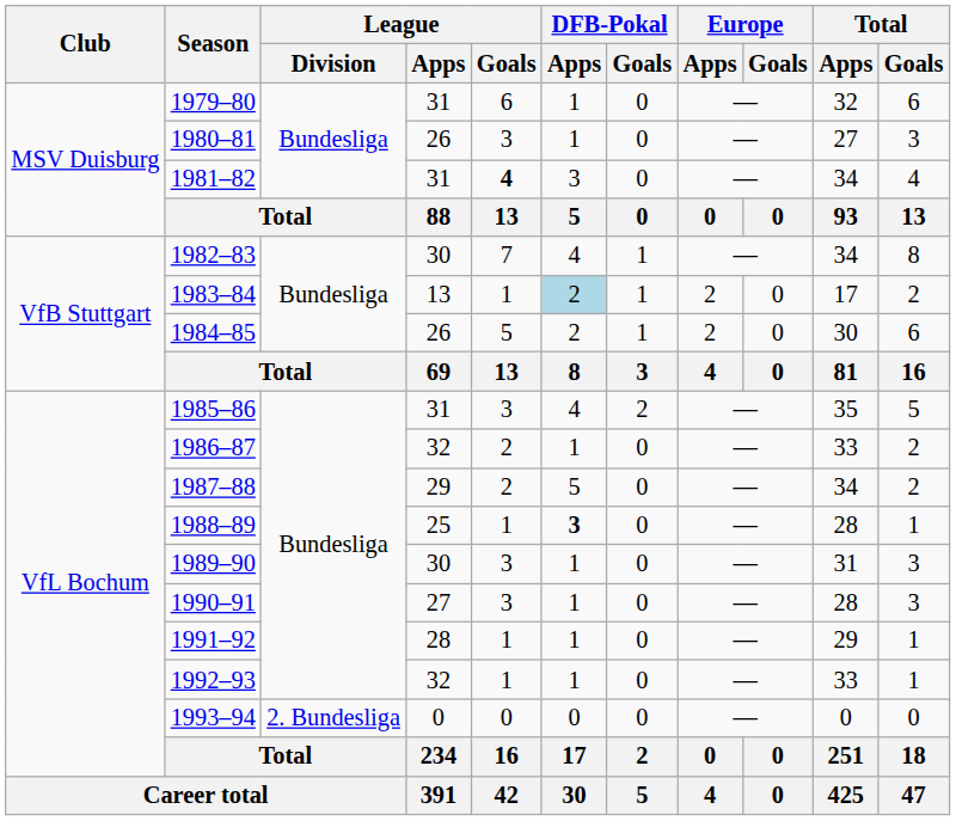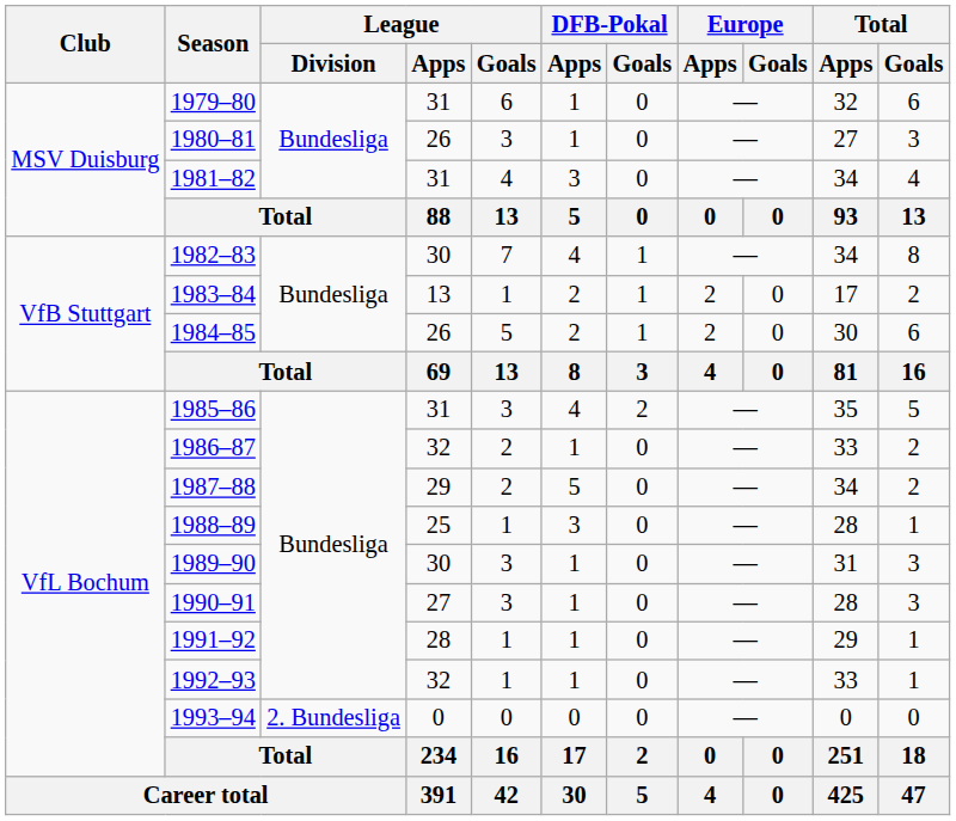 <table class="wikitable" style="text-align:center">
 <tr>
 <th rowspan="2">Club</th>
 <th rowspan="2">Season</th>
 <th colspan="3">League</th>
 <th colspan="2"><a href='#'>DFB-Pokal</a></th>
 <th colspan="2"><a href='#'>Europe</a></th>
 <th colspan="2">Total</th>
 </tr>
 <tr>
 <th>Division</th>
 <th>Apps</th>
 <th>Goals</th>
 <th>Apps</th>
 <th>Goals</th>
 <th>Apps</th>
 <th>Goals</th>
 <th>Apps</th>
 <th>Goals</th>
 </tr>
 <tr>
 <td rowspan="4"><a href='#'>MSV Duisburg</a></td>
 <td><a href='#'>1979–80</a></td>
 <td rowspan="3"><a href='#'>Bundesliga</a></td>
 <td>31</td>
 <td>6</td>
 <td>1</td>
 <td>0</td>
 <td colspan="2">—</td>
 <td>32</td>
 <td>6</td>
 </tr>
 <tr>
 <td><a href='#'>1980–81</a></td>
 <td>26</td>
 <td>3</td>
 <td>1</td>
 <td>0</td>
 <td colspan="2">—</td>
 <td>27</td>
 <td>3</td>
 </tr>
 <tr>
 <td><a href='#'>1981–82</a></td>
 <td>31</td>
-<td><strong>4</strong></td>
+<td>4</td>
 <td>3</td>
 <td>0</td>
 <td colspan="2">—</td>
 <td>34</td>
 <td>4</td>
 </tr>
 <tr>
 <th colspan="2">Total</th>
 <th>88</th>
 <th>13</th>
 <th>5</th>
 <th>0</th>
 <th>0</th>
 <th>0</th>
 <th>93</th>
 <th>13</th>
 </tr>
 <tr>
 <td rowspan="4"><a href='#'>VfB Stuttgart</a></td>
 <td><a href='#'>1982–83</a></td>
 <td rowspan="3">Bundesliga</td>
 <td>30</td>
 <td>7</td>
 <td>4</td>
 <td>1</td>
 <td colspan="2">—</td>
 <td>34</td>
 <td>8</td>
 </tr>
 <tr>
 <td><a href='#'>1983–84</a></td>
 <td>13</td>
 <td>1</td>
-<td style="background: lightblue;">2</td>
+<td>2</td>
 <td>1</td>
 <td>2</td>
 <td>0</td>
 <td>17</td>
 <td>2</td>
 </tr>
 <tr>
 <td><a href='#'>1984–85</a></td>
 <td>26</td>
 <td>5</td>
 <td>2</td>
 <td>1</td>
 <td>2</td>
 <td>0</td>
 <td>30</td>
 <td>6</td>
 </tr>
 <tr>
 <th colspan="2">Total</th>
 <th>69</th>
 <th>13</th>
 <th>8</th>
 <th>3</th>
 <th>4</th>
 <th>0</th>
 <th>81</th>
 <th>16</th>
 </tr>
 <tr>
 <td rowspan="10"><a href='#'>VfL Bochum</a></td>
 <td><a href='#'>1985–86</a></td>
 <td rowspan="8">Bundesliga</td>
 <td>31</td>
 <td>3</td>
 <td>4</td>
 <td>2</td>
 <td colspan="2">—</td>
 <td>35</td>
 <td>5</td>
 </tr>
 <tr>
 <td><a href='#'>1986–87</a></td>
 <td>32</td>
 <td>2</td>
 <td>1</td>
 <td>0</td>
 <td colspan="2">—</td>
 <td>33</td>
 <td>2</td>
 </tr>
 <tr>
 <td><a href='#'>1987–88</a></td>
 <td>29</td>
 <td>2</td>
 <td>5</td>
 <td>0</td>
 <td colspan="2">—</td>
 <td>34</td>
 <td>2</td>
 </tr>
 <tr>
 <td><a href='#'>1988–89</a></td>
 <td>25</td>
 <td>1</td>
-<td><strong>3</strong></td>
+<td>3</td>
 <td>0</td>
 <td colspan="2">—</td>
 <td>28</td>
 <td>1</td>
 </tr>
 <tr>
 <td><a href='#'>1989–90</a></td>
 <td>30</td>
 <td>3</td>
 <td>1</td>
 <td>0</td>
 <td colspan="2">—</td>
 <td>31</td>
 <td>3</td>
 </tr>
 <tr>
 <td><a href='#'>1990–91</a></td>
 <td>27</td>
 <td>3</td>
 <td>1</td>
 <td>0</td>
 <td colspan="2">—</td>
 <td>28</td>
 <td>3</td>
 </tr>
 <tr>
 <td><a href='#'>1991–92</a></td>
 <td>28</td>
 <td>1</td>
 <td>1</td>
 <td>0</td>
 <td colspan="2">—</td>
 <td>29</td>
 <td>1</td>
 </tr>
 <tr>
 <td><a href='#'>1992–93</a></td>
 <td>32</td>
 <td>1</td>
 <td>1</td>
 <td>0</td>
 <td colspan="2">—</td>
 <td>33</td>
 <td>1</td>
 </tr>
 <tr>
 <td><a href='#'>1993–94</a></td>
 <td><a href='#'>2.&nbsp;Bundesliga</a></td>
 <td>0</td>
 <td>0</td>
 <td>0</td>
 <td>0</td>
 <td colspan="2">—</td>
 <td>0</td>
 <td>0</td>
 </tr>
 <tr>
 <th colspan="2">Total</th>
 <th>234</th>
 <th>16</th>
 <th>17</th>
 <th>2</th>
 <th>0</th>
 <th>0</th>
 <th>251</th>
 <th>18</th>
 </tr>
 <tr>
 <th colspan="3">Career total</th>
 <th>391</th>
 <th>42</th>
 <th>30</th>
 <th>5</th>
 <th>4</th>
 <th>0</th>
 <th>425</th>
 <th>47</th>
 </tr>
 </table>
